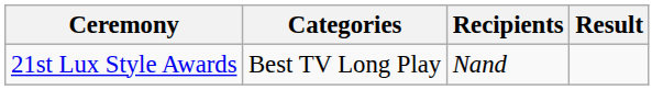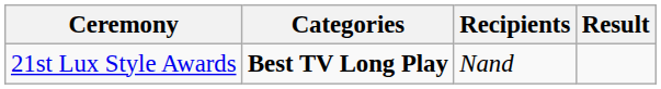 <table class="wikitable style">
 <tr>
 <th>Ceremony</th>
 <th>Categories</th>
 <th>Recipients</th>
 <th>Result</th>
 </tr>
 <tr>
 <td rowspan="5"><a href='#'>21st Lux Style Awards</a></td>
-<td>Best TV Long Play</td>
+<td><strong>Best TV Long Play</strong></td>
 <td><em>Nand</td>
 <td></td>
 </tr>
 </table>
